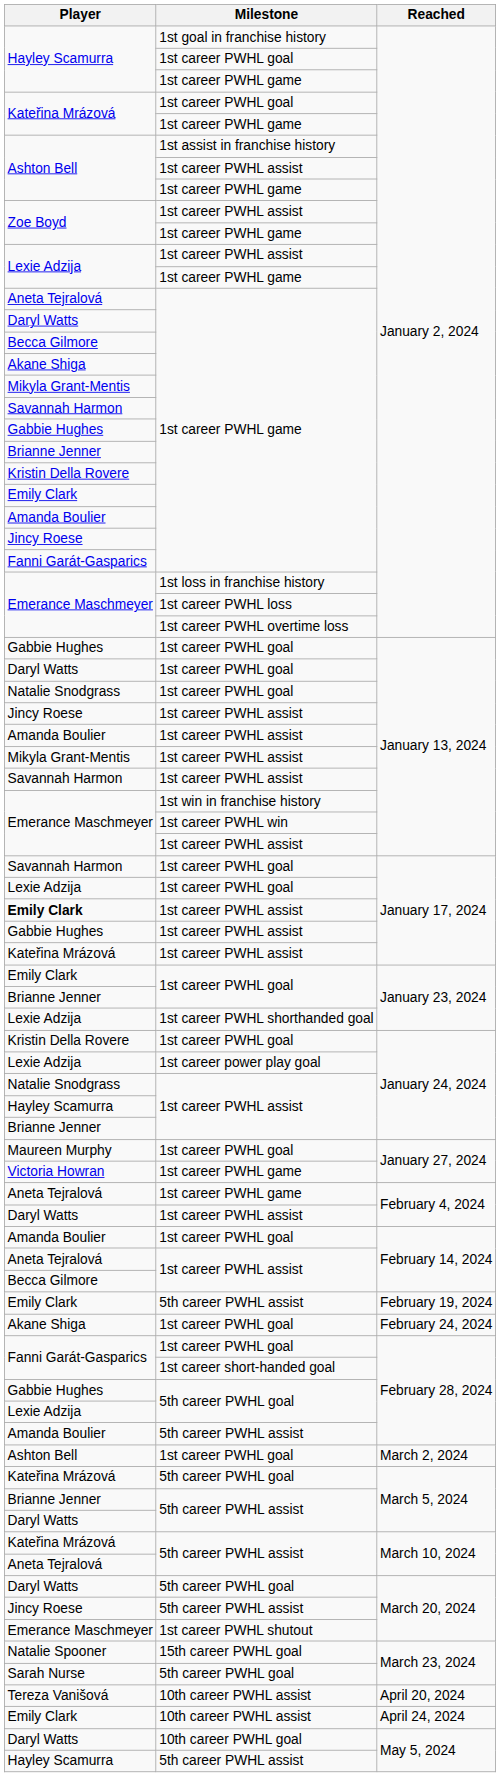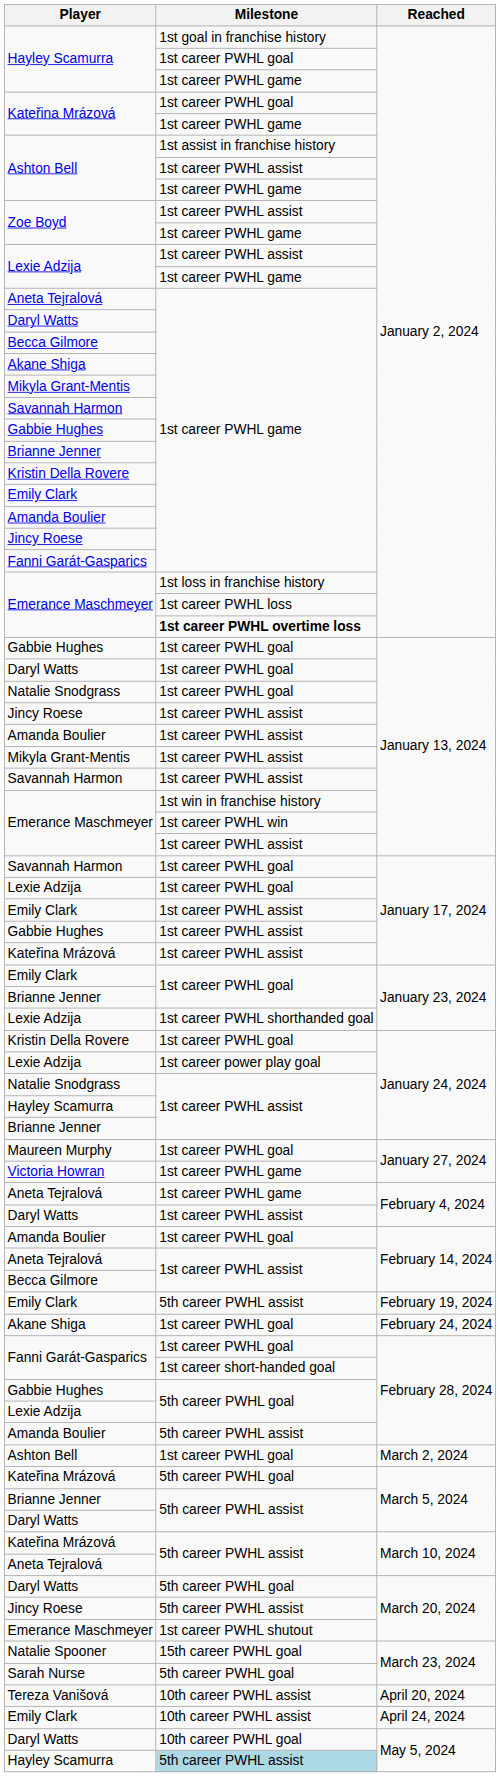 <table class="wikitable">
 <tr>
 <th>Player</th>
 <th>Milestone</th>
 <th>Reached</th>
 </tr>
 <tr>
 <td rowspan=3><a href='#'>Hayley Scamurra</a></td>
 <td>1st goal in franchise history</td>
 <td rowspan=28>January 2, 2024</td>
 </tr>
 <tr>
 <td>1st career PWHL goal</td>
 </tr>
 <tr>
 <td>1st career PWHL game</td>
 </tr>
 <tr>
 <td rowspan=2><a href='#'>Kateřina Mrázová</a></td>
 <td>1st career PWHL goal</td>
 </tr>
 <tr>
 <td>1st career PWHL game</td>
 </tr>
 <tr>
 <td rowspan=3><a href='#'>Ashton Bell</a></td>
 <td>1st assist in franchise history</td>
 </tr>
 <tr>
 <td>1st career PWHL assist</td>
 </tr>
 <tr>
 <td>1st career PWHL game</td>
 </tr>
 <tr>
 <td rowspan=2><a href='#'>Zoe Boyd</a></td>
 <td>1st career PWHL assist</td>
 </tr>
 <tr>
 <td>1st career PWHL game</td>
 </tr>
 <tr>
 <td rowspan=2><a href='#'>Lexie Adzija</a></td>
 <td>1st career PWHL assist</td>
 </tr>
 <tr>
 <td>1st career PWHL game</td>
 </tr>
 <tr>
 <td><a href='#'>Aneta Tejralová</a></td>
 <td rowspan=13>1st career PWHL game</td>
 </tr>
 <tr>
 <td><a href='#'>Daryl Watts</a></td>
 </tr>
 <tr>
 <td><a href='#'>Becca Gilmore</a></td>
 </tr>
 <tr>
 <td><a href='#'>Akane Shiga</a></td>
 </tr>
 <tr>
 <td><a href='#'>Mikyla Grant-Mentis</a></td>
 </tr>
 <tr>
 <td><a href='#'>Savannah Harmon</a></td>
 </tr>
 <tr>
 <td><a href='#'>Gabbie Hughes</a></td>
 </tr>
 <tr>
 <td><a href='#'>Brianne Jenner</a></td>
 </tr>
 <tr>
 <td><a href='#'>Kristin Della Rovere</a></td>
 </tr>
 <tr>
 <td><a href='#'>Emily Clark</a></td>
 </tr>
 <tr>
 <td><a href='#'>Amanda Boulier</a></td>
 </tr>
 <tr>
 <td><a href='#'>Jincy Roese</a></td>
 </tr>
 <tr>
 <td><a href='#'>Fanni Garát-Gasparics</a></td>
 </tr>
 <tr>
 <td rowspan=3><a href='#'>Emerance Maschmeyer</a></td>
 <td>1st loss in franchise history</td>
 </tr>
 <tr>
 <td>1st career PWHL loss</td>
 </tr>
 <tr>
-<td>1st career PWHL overtime loss</td>
+<td><strong>1st career PWHL overtime loss</strong></td>
 </tr>
 <tr>
 <td>Gabbie Hughes</td>
 <td>1st career PWHL goal</td>
 <td rowspan=10>January 13, 2024</td>
 </tr>
 <tr>
 <td>Daryl Watts</td>
 <td>1st career PWHL goal</td>
 </tr>
 <tr>
 <td>Natalie Snodgrass</td>
 <td>1st career PWHL goal</td>
 </tr>
 <tr>
 <td>Jincy Roese</td>
 <td>1st career PWHL assist</td>
 </tr>
 <tr>
 <td>Amanda Boulier</td>
 <td>1st career PWHL assist</td>
 </tr>
 <tr>
 <td>Mikyla Grant-Mentis</td>
 <td>1st career PWHL assist</td>
 </tr>
 <tr>
 <td>Savannah Harmon</td>
 <td>1st career PWHL assist</td>
 </tr>
 <tr>
 <td rowspan=3>Emerance Maschmeyer</td>
 <td>1st win in franchise history</td>
 </tr>
 <tr>
 <td>1st career PWHL win</td>
 </tr>
 <tr>
 <td>1st career PWHL assist</td>
 </tr>
 <tr>
 <td>Savannah Harmon</td>
 <td>1st career PWHL goal</td>
 <td rowspan=5>January 17, 2024</td>
 </tr>
 <tr>
 <td>Lexie Adzija</td>
 <td>1st career PWHL goal</td>
 </tr>
 <tr>
-<td><strong>Emily Clark</strong></td>
+<td>Emily Clark</td>
 <td>1st career PWHL assist</td>
 </tr>
 <tr>
 <td>Gabbie Hughes</td>
 <td>1st career PWHL assist</td>
 </tr>
 <tr>
 <td>Kateřina Mrázová</td>
 <td>1st career PWHL assist</td>
 </tr>
 <tr>
 <td>Emily Clark</td>
 <td rowspan=2>1st career PWHL goal</td>
 <td rowspan=3>January 23, 2024</td>
 </tr>
 <tr>
 <td>Brianne Jenner</td>
 </tr>
 <tr>
 <td>Lexie Adzija</td>
 <td>1st career PWHL shorthanded goal</td>
 </tr>
 <tr>
 <td>Kristin Della Rovere</td>
 <td>1st career PWHL goal</td>
 <td rowspan=5>January 24, 2024</td>
 </tr>
 <tr>
 <td>Lexie Adzija</td>
 <td>1st career power play goal</td>
 </tr>
 <tr>
 <td>Natalie Snodgrass</td>
 <td rowspan=3>1st career PWHL assist</td>
 </tr>
 <tr>
 <td>Hayley Scamurra</td>
 </tr>
 <tr>
 <td>Brianne Jenner</td>
 </tr>
 <tr>
 <td>Maureen Murphy</td>
 <td>1st career PWHL goal</td>
 <td rowspan=2>January 27, 2024</td>
 </tr>
 <tr>
 <td><a href='#'>Victoria Howran</a></td>
 <td>1st career PWHL game</td>
 </tr>
 <tr>
 <td>Aneta Tejralová</td>
 <td>1st career PWHL game</td>
 <td rowspan=2>February 4, 2024</td>
 </tr>
 <tr>
 <td>Daryl Watts</td>
 <td>1st career PWHL assist</td>
 </tr>
 <tr>
 <td>Amanda Boulier</td>
 <td>1st career PWHL goal</td>
 <td rowspan=3>February 14, 2024</td>
 </tr>
 <tr>
 <td>Aneta Tejralová</td>
 <td rowspan=2>1st career PWHL assist</td>
 </tr>
 <tr>
 <td>Becca Gilmore</td>
 </tr>
 <tr>
 <td>Emily Clark</td>
 <td>5th career PWHL assist</td>
 <td>February 19, 2024</td>
 </tr>
 <tr>
 <td>Akane Shiga</td>
 <td>1st career PWHL goal</td>
 <td>February 24, 2024</td>
 </tr>
 <tr>
 <td rowspan=2>Fanni Garát-Gasparics</td>
 <td>1st career PWHL goal</td>
 <td rowspan=5>February 28, 2024</td>
 </tr>
 <tr>
 <td>1st career short-handed goal</td>
 </tr>
 <tr>
 <td>Gabbie Hughes</td>
 <td rowspan=2>5th career PWHL goal</td>
 </tr>
 <tr>
 <td>Lexie Adzija</td>
 </tr>
 <tr>
 <td>Amanda Boulier</td>
 <td>5th career PWHL assist</td>
 </tr>
 <tr>
 <td>Ashton Bell</td>
 <td>1st career PWHL goal</td>
 <td>March 2, 2024</td>
 </tr>
 <tr>
 <td>Kateřina Mrázová</td>
 <td>5th career PWHL goal</td>
 <td rowspan=3>March 5, 2024</td>
 </tr>
 <tr>
 <td>Brianne Jenner</td>
 <td rowspan=2>5th career PWHL assist</td>
 </tr>
 <tr>
 <td>Daryl Watts</td>
 </tr>
 <tr>
 <td>Kateřina Mrázová</td>
 <td rowspan=2>5th career PWHL assist</td>
 <td rowspan=2>March 10, 2024</td>
 </tr>
 <tr>
 <td>Aneta Tejralová</td>
 </tr>
 <tr>
 <td>Daryl Watts</td>
 <td>5th career PWHL goal</td>
 <td rowspan=3>March 20, 2024</td>
 </tr>
 <tr>
 <td>Jincy Roese</td>
 <td>5th career PWHL assist</td>
 </tr>
 <tr>
 <td>Emerance Maschmeyer</td>
 <td>1st career PWHL shutout</td>
 </tr>
 <tr>
 <td>Natalie Spooner</td>
 <td>15th career PWHL goal</td>
 <td rowspan=2>March 23, 2024</td>
 </tr>
 <tr>
 <td>Sarah Nurse</td>
 <td>5th career PWHL goal</td>
 </tr>
 <tr>
 <td>Tereza Vanišová</td>
 <td>10th career PWHL assist</td>
 <td>April 20, 2024</td>
 </tr>
 <tr>
 <td>Emily Clark</td>
 <td>10th career PWHL assist</td>
 <td>April 24, 2024</td>
 </tr>
 <tr>
 <td>Daryl Watts</td>
 <td>10th career PWHL goal</td>
 <td rowspan=2>May 5, 2024</td>
 </tr>
 <tr>
 <td>Hayley Scamurra</td>
-<td>5th career PWHL assist</td>
+<td style="background: lightblue;">5th career PWHL assist</td>
 </tr>
 </table>
